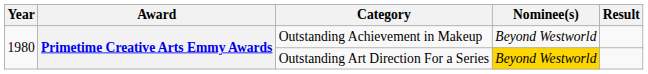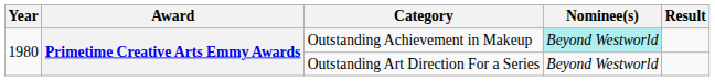 <table class="wikitable plainrowheaders">
 <tr>
 <th>Year</th>
 <th>Award</th>
 <th>Category</th>
 <th>Nominee(s)</th>
 <th>Result</th>
 </tr>
 <tr>
 <td rowspan="2">1980</td>
 <th scope="row" rowspan="2"><a href='#'>Primetime Creative Arts Emmy Awards</a></th>
 <td>Outstanding Achievement in Makeup</td>
-<td><em>Beyond Westworld</em></td>
+<td style="background: paleturquoise;"><em>Beyond Westworld</em></td>
 <td></td>
 </tr>
 <tr>
 <td>Outstanding Art Direction For a Series</td>
-<td style="background: gold;"><em>Beyond Westworld</em></td>
+<td><em>Beyond Westworld</em></td>
 <td></td>
 </tr>
 </table>
